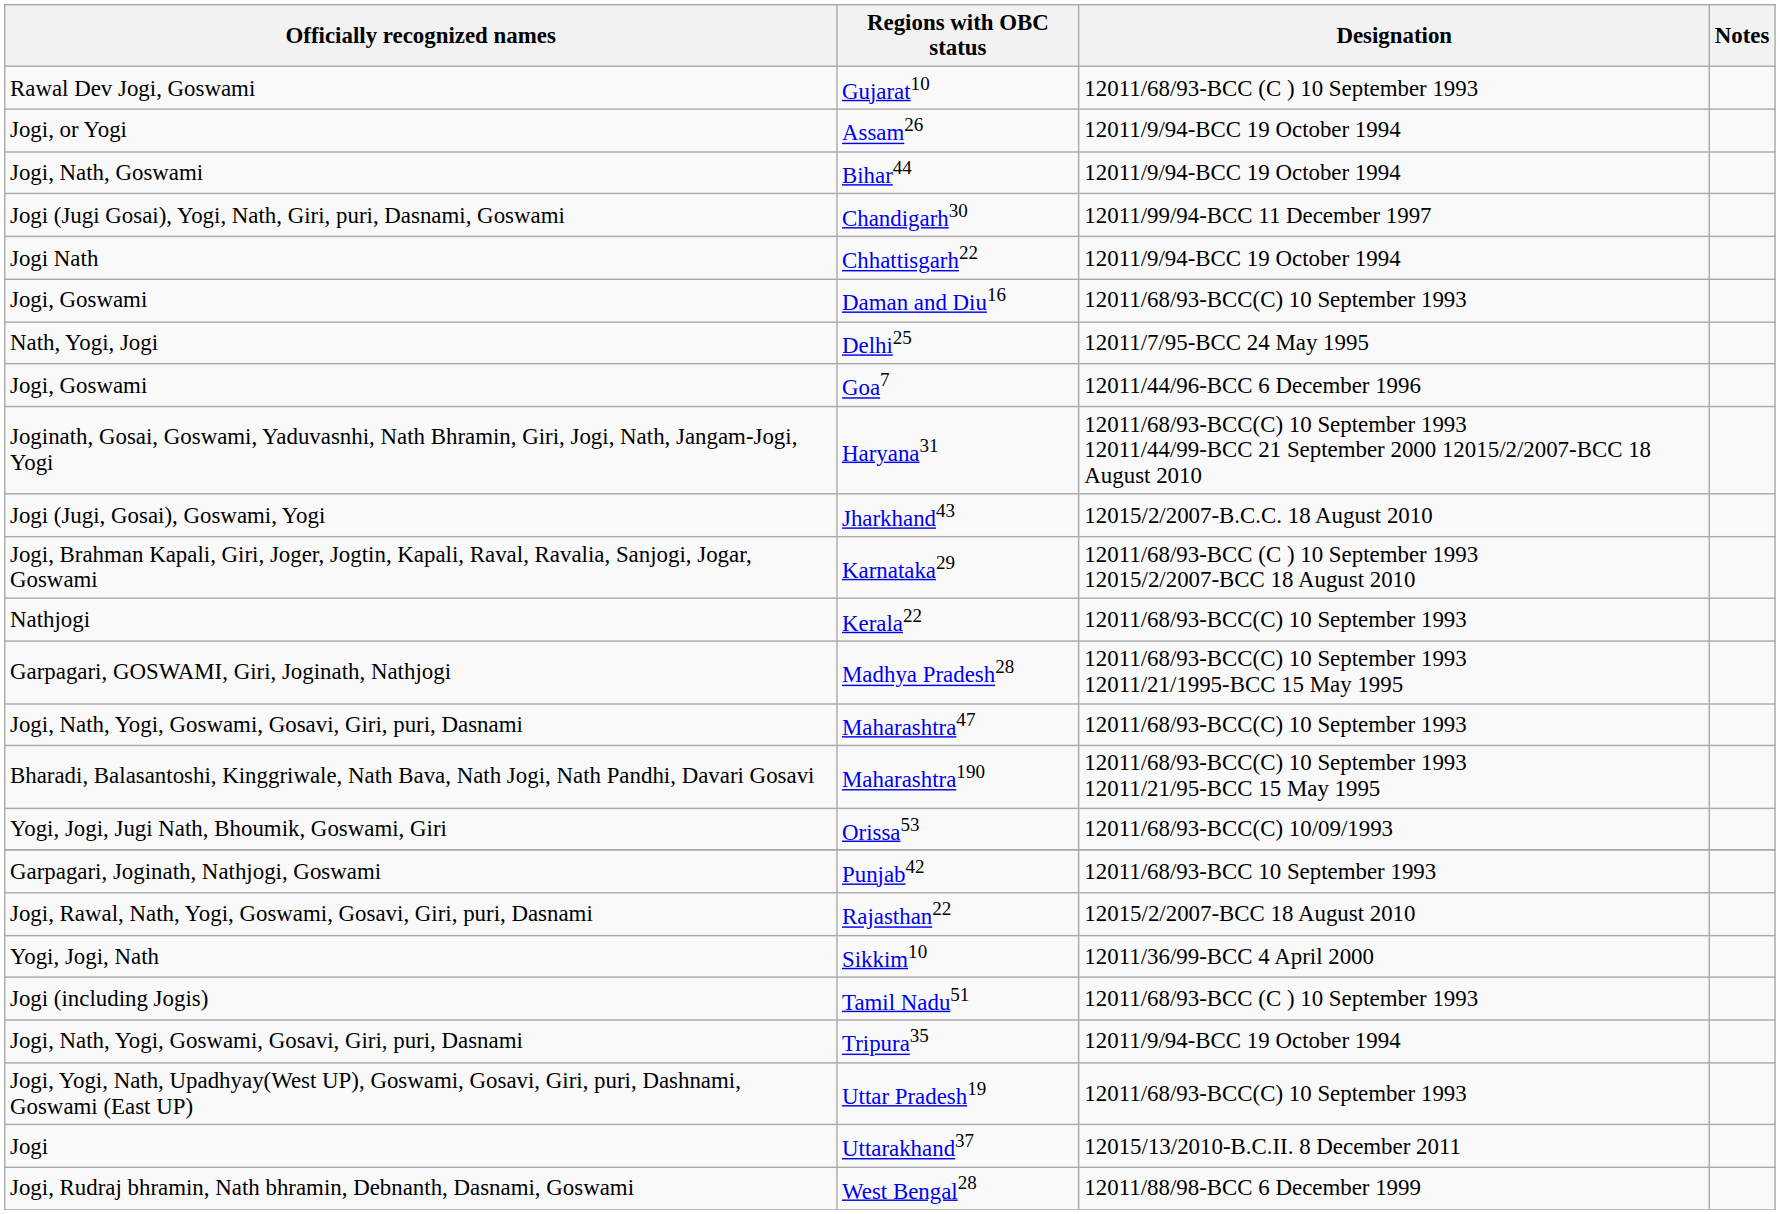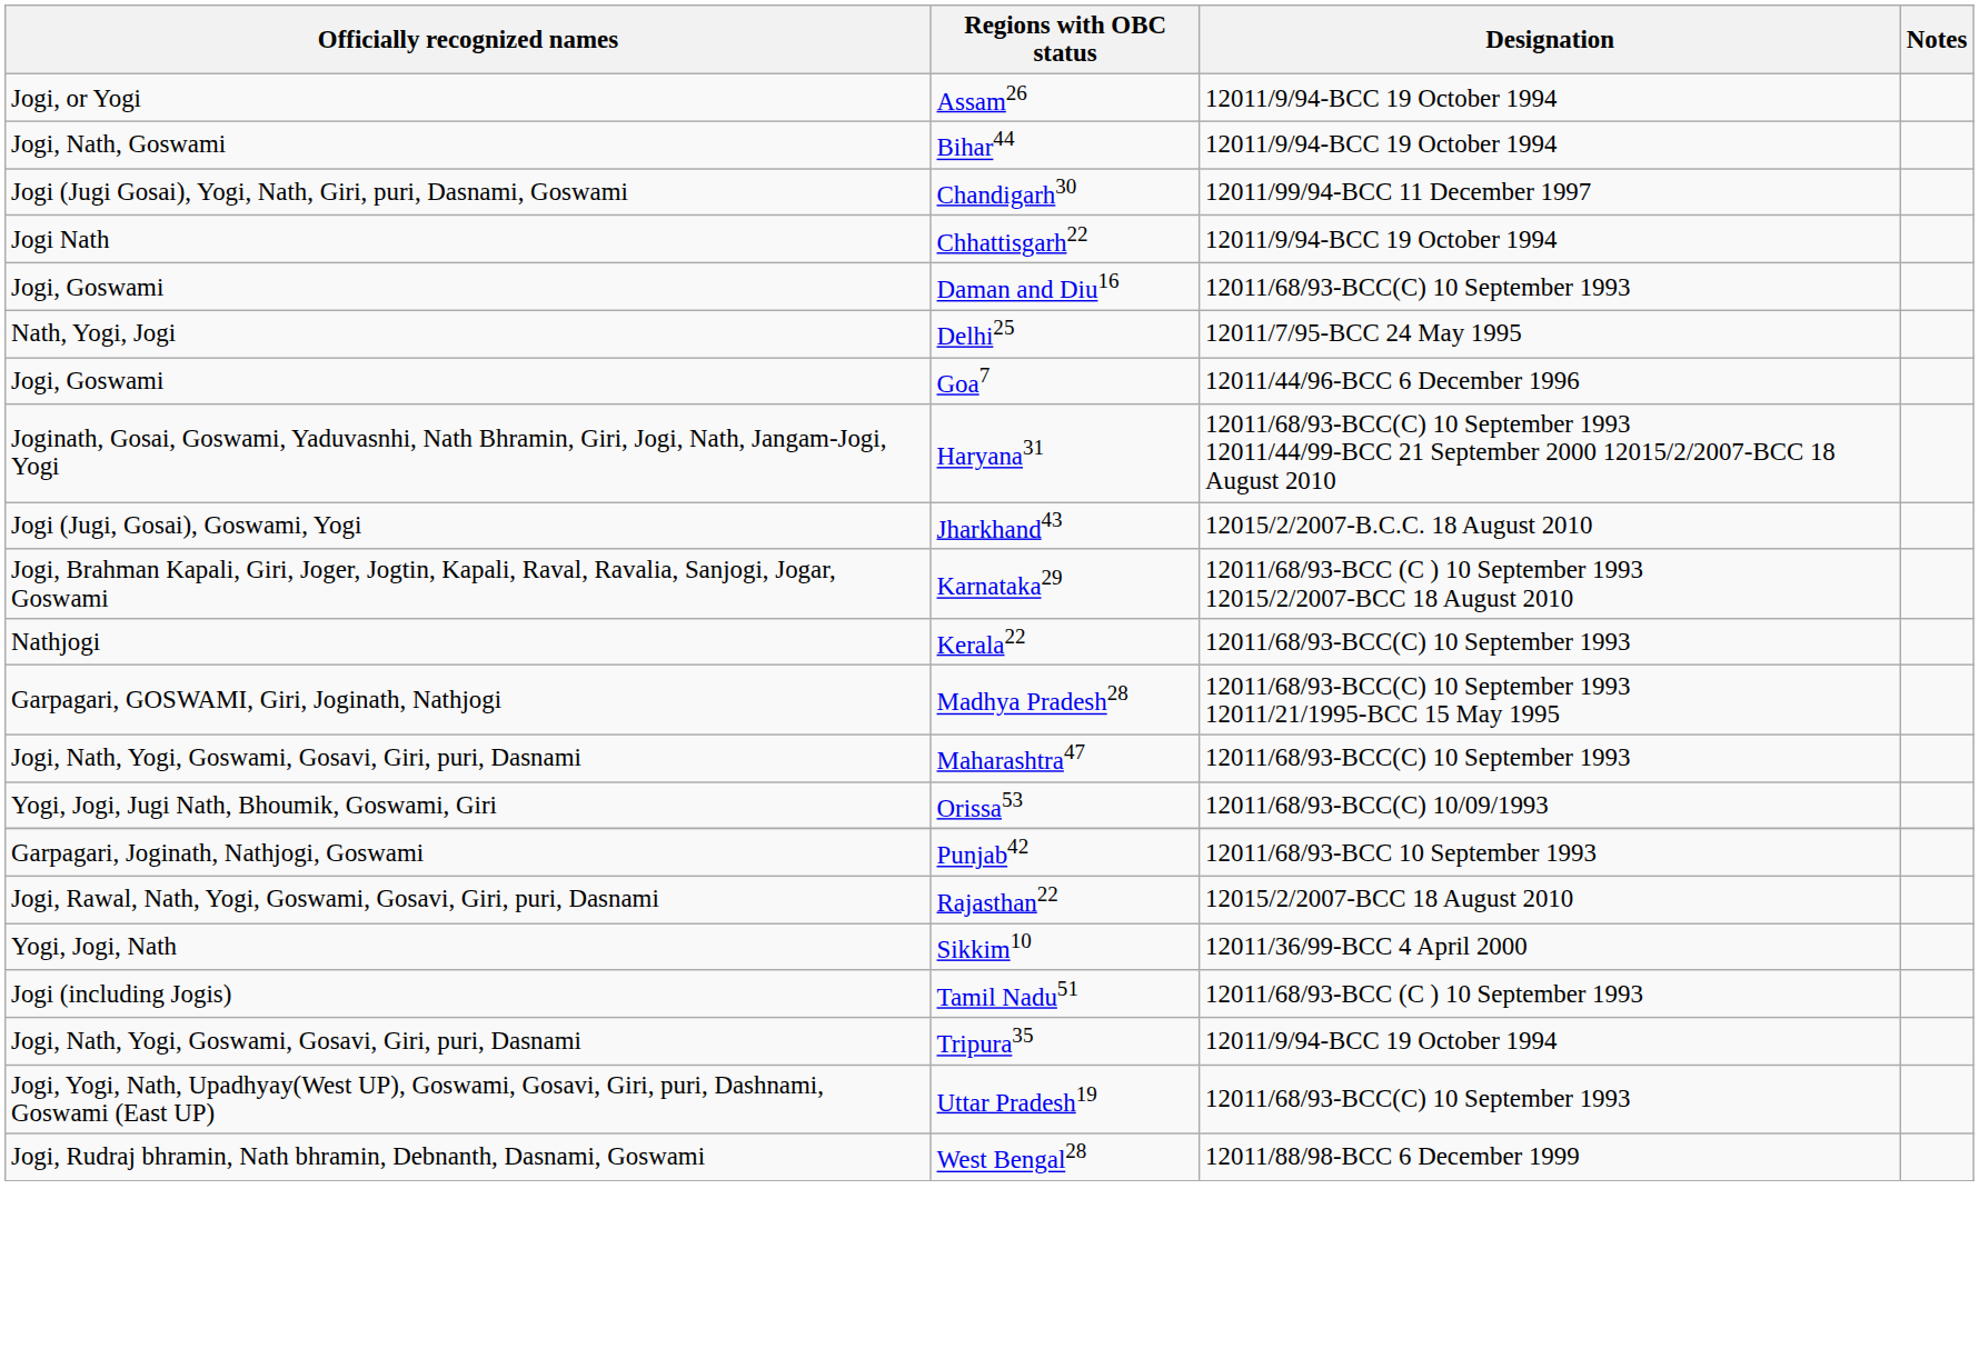 <table class="wikitable sortable" style="width:98%">
 <tr>
 <th>Officially recognized names</th>
 <th>Regions with OBC status</th>
 <th>Designation</th>
 <th class="unsortable">Notes</th>
-</tr>
-<tr>
-<td>Rawal Dev Jogi, Goswami</td>
-<td><a href='#'>Gujarat</a><sup>10</sup></td>
-<td>12011/68/93-BCC (C ) 10 September 1993</td>
-<td></td>
 </tr>
 <tr>
 <td>Jogi, or Yogi</td>
 <td><a href='#'>Assam</a><sup>26</sup></td>
 <td>12011/9/94-BCC 19 October 1994</td>
 <td></td>
 </tr>
 <tr>
 <td>Jogi, Nath, Goswami</td>
 <td><a href='#'>Bihar</a><sup>44</sup></td>
 <td>12011/9/94-BCC 19 October 1994</td>
 <td></td>
 </tr>
 <tr>
 <td>Jogi (Jugi Gosai), Yogi, Nath, Giri, puri, Dasnami, Goswami</td>
 <td><a href='#'>Chandigarh</a><sup>30</sup></td>
 <td>12011/99/94-BCC 11 December 1997</td>
 <td></td>
 </tr>
 <tr>
 <td>Jogi Nath</td>
 <td><a href='#'>Chhattisgarh</a><sup>22</sup></td>
 <td>12011/9/94-BCC 19 October 1994</td>
 <td></td>
 </tr>
 <tr>
 <td>Jogi, Goswami</td>
 <td><a href='#'>Daman and Diu</a><sup>16</sup></td>
 <td>12011/68/93-BCC(C) 10 September 1993</td>
 <td></td>
 </tr>
 <tr>
 <td>Nath, Yogi, Jogi</td>
 <td><a href='#'>Delhi</a><sup>25</sup></td>
 <td>12011/7/95-BCC 24 May 1995</td>
 <td></td>
 </tr>
 <tr>
 <td>Jogi, Goswami</td>
 <td><a href='#'>Goa</a><sup>7</sup></td>
 <td>12011/44/96-BCC 6 December 1996</td>
 <td></td>
 </tr>
 <tr>
 <td>Joginath, Gosai, Goswami, Yaduvasnhi, Nath Bhramin, Giri, Jogi, Nath, Jangam-Jogi, Yogi</td>
 <td><a href='#'>Haryana</a><sup>31</sup></td>
 <td>12011/68/93-BCC(C) 10 September 1993<br>12011/44/99-BCC 21 September 2000 12015/2/2007-BCC 18 August 2010</td>
 <td></td>
 </tr>
 <tr>
 <td>Jogi (Jugi, Gosai), Goswami, Yogi</td>
 <td><a href='#'>Jharkhand</a><sup>43</sup></td>
 <td>12015/2/2007-B.C.C. 18 August 2010</td>
 <td></td>
 </tr>
 <tr>
 <td>Jogi, Brahman Kapali, Giri, Joger, Jogtin, Kapali, Raval, Ravalia, Sanjogi, Jogar, Goswami</td>
 <td><a href='#'>Karnataka</a><sup>29</sup></td>
 <td>12011/68/93-BCC (C ) 10 September 1993<br>12015/2/2007-BCC 18 August 2010</td>
 <td></td>
 </tr>
 <tr>
 <td>Nathjogi</td>
 <td><a href='#'>Kerala</a><sup>22</sup></td>
 <td>12011/68/93-BCC(C) 10 September 1993</td>
 <td></td>
 </tr>
 <tr>
 <td>Garpagari, GOSWAMI, Giri, Joginath, Nathjogi</td>
 <td><a href='#'>Madhya Pradesh</a><sup>28</sup></td>
 <td>12011/68/93-BCC(C) 10 September 1993<br>12011/21/1995-BCC 15 May 1995</td>
 <td></td>
 </tr>
 <tr>
 <td>Jogi,  Nath, Yogi, Goswami, Gosavi, Giri, puri, Dasnami</td>
 <td><a href='#'>Maharashtra</a><sup>47</sup></td>
 <td>12011/68/93-BCC(C) 10 September 1993</td>
 <td></td>
 </tr>
 <tr>
-<td>Bharadi, Balasantoshi, Kinggriwale, Nath Bava, Nath Jogi, Nath Pandhi, Davari Gosavi</td>
-<td><a href='#'>Maharashtra</a><sup>190</sup></td>
-<td>12011/68/93-BCC(C) 10 September 1993<br>12011/21/95-BCC 15 May 1995</td>
-<td></td>
-</tr>
-<tr>
 <td>Yogi, Jogi, Jugi Nath, Bhoumik, Goswami, Giri</td>
 <td><a href='#'>Orissa</a><sup>53</sup></td>
 <td>12011/68/93-BCC(C) 10/09/1993</td>
 <td></td>
 </tr>
 <tr>
 </tr>
 <tr>
 <td>Garpagari, Joginath, Nathjogi,  Goswami</td>
 <td><a href='#'>Punjab</a><sup>42</sup></td>
 <td>12011/68/93-BCC 10 September 1993</td>
 <td></td>
 </tr>
 <tr>
 <td>Jogi, Rawal, Nath, Yogi, Goswami, Gosavi, Giri, puri, Dasnami</td>
 <td><a href='#'>Rajasthan</a><sup>22</sup></td>
 <td>12015/2/2007-BCC 18 August 2010</td>
 <td></td>
 </tr>
 <tr>
 <td>Yogi, Jogi, Nath</td>
 <td><a href='#'>Sikkim</a><sup>10</sup></td>
 <td>12011/36/99-BCC 4 April 2000</td>
 <td></td>
 </tr>
 <tr>
 <td>Jogi (including Jogis)</td>
 <td><a href='#'>Tamil Nadu</a><sup>51</sup></td>
 <td>12011/68/93-BCC (C ) 10 September 1993</td>
 <td></td>
 </tr>
 <tr>
 <td>Jogi, Nath, Yogi, Goswami, Gosavi, Giri, puri, Dasnami</td>
 <td><a href='#'>Tripura</a><sup>35</sup></td>
 <td>12011/9/94-BCC 19 October 1994</td>
 <td></td>
 </tr>
 <tr>
 <td>Jogi, Yogi, Nath, Upadhyay(West UP), Goswami, Gosavi, Giri, puri, Dashnami, Goswami (East UP)</td>
 <td><a href='#'>Uttar Pradesh</a><sup>19</sup></td>
 <td>12011/68/93-BCC(C) 10 September 1993</td>
 <td></td>
 </tr>
 <tr>
-<td>Jogi</td>
-<td><a href='#'>Uttarakhand</a><sup>37</sup></td>
-<td>12015/13/2010-B.C.II. 8 December 2011</td>
-<td></td>
-</tr>
-<tr>
 <td>Jogi, Rudraj bhramin, Nath bhramin, Debnanth, Dasnami, Goswami</td>
 <td><a href='#'>West Bengal</a><sup>28</sup></td>
 <td>12011/88/98-BCC 6 December 1999</td>
 <td></td>
 </tr>
 <tr>
 </tr>
 </table>
